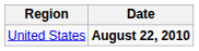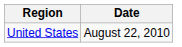 <table class="wikitable">
 <tr>
 <th>Region</th>
 <th>Date</th>
 </tr>
 <tr>
 <td><a href='#'>United States</a></td>
-<td><strong>August 22, 2010</strong></td>
+<td>August 22, 2010</td>
 </tr>
 </table>
